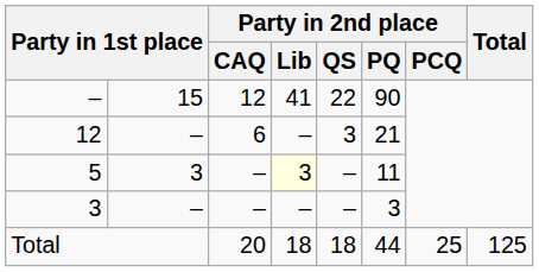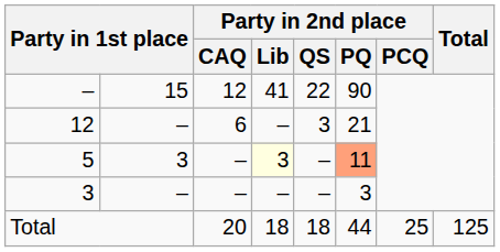 <table class="wikitable" style="text-align:right;">
 <tr>
 <th rowspan="2" colspan="2" style="text-align:left;">Party in 1st place</th>
 <th colspan="5">Party in 2nd place</th>
 <th rowspan="2">Total</th>
 </tr>
 <tr>
 <th>CAQ</th>
 <th>Lib</th>
 <th>QS</th>
 <th>PQ</th>
 <th>PCQ</th>
 </tr>
 <tr>
 <td>–</td>
 <td>15</td>
 <td>12</td>
 <td>41</td>
 <td>22</td>
 <td>90</td>
 </tr>
 <tr>
 <td>12</td>
 <td>–</td>
 <td>6</td>
 <td>–</td>
 <td>3</td>
 <td>21</td>
 </tr>
 <tr>
 <td>5</td>
 <td>3</td>
 <td>–</td>
 <td style="background: lightyellow;">3</td>
 <td>–</td>
-<td>11</td>
+<td style="background: lightsalmon;">11</td>
 </tr>
 <tr>
 <td>3</td>
 <td>–</td>
 <td>–</td>
 <td>–</td>
 <td>–</td>
 <td>3</td>
 </tr>
 <tr>
 <td colspan="2" style="text-align:left;">Total</td>
 <td>20</td>
 <td>18</td>
 <td>18</td>
 <td>44</td>
 <td>25</td>
 <td>125</td>
 </tr>
 </table>
